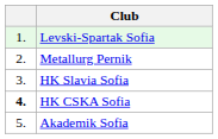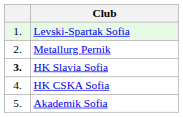 <table class="wikitable">
 <tr>
 <th width="30"></th>
 <th width="200">Club</th>
 </tr>
 <tr bgcolor="#e6fae6" align="center">
 <td>1.</td>
 <td align="left"><a href='#'>Levski-Spartak Sofia</a></td>
 </tr>
 <tr bgcolor="#FFFFFF" align="center">
 <td>2.</td>
 <td align="left"><a href='#'>Metallurg Pernik</a></td>
 </tr>
 <tr bgcolor="#FFFFFF" align="center">
-<td>3.</td>
+<td><strong>3.</strong></td>
 <td align="left"><a href='#'>HK Slavia Sofia</a></td>
 </tr>
 <tr bgcolor="#FFFFFF" align="center">
-<td><strong>4.</strong></td>
+<td>4.</td>
 <td align="left"><a href='#'>HK CSKA Sofia</a></td>
 </tr>
 <tr bgcolor="#FFFFFF" align="center">
 <td>5.</td>
 <td align="left"><a href='#'>Akademik Sofia</a></td>
 </tr>
 </table>
